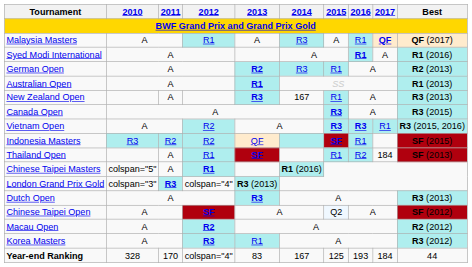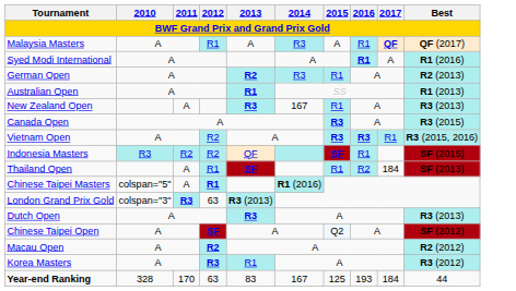 <table style='font-size: 90%; text-align:center;' class='wikitable'>
 <tr>
 <th>Tournament</th>
 <th><a href='#'>2010</a></th>
 <th><a href='#'>2011</a></th>
 <th><a href='#'>2012</a></th>
 <th><a href='#'>2013</a></th>
 <th><a href='#'>2014</a></th>
 <th><a href='#'>2015</a></th>
 <th><a href='#'>2016</a></th>
 <th><a href='#'>2017</a></th>
 <th>Best</th>
 </tr>
 <tr bgcolor=FFD700>
 <td colspan=10 align=center><strong><a href='#'>BWF Grand Prix and Grand Prix Gold</a></strong></td>
 </tr>
 <tr>
 <td align=left> <a href='#'>Malaysia Masters</a></td>
 <td colspan="2">A</td>
 <td bgcolor=AFEEEE><a href='#'>R1</a></td>
 <td>A</td>
 <td bgcolor=AFEEEE><a href='#'>R3</a></td>
 <td>A</td>
 <td bgcolor=AFEEEE><a href='#'>R1</a></td>
 <td bgcolor=FFEBCD><a href='#'><strong>QF</strong></a></td>
 <td bgcolor=FFEBCD><strong>QF</strong> (2017)</td>
 </tr>
 <tr>
 <td align=left> <a href='#'>Syed Modi International</a></td>
 <td colspan="3">A</td>
 <td></td>
 <td colspan="2">A</td>
 <td bgcolor=AFEEEE><a href='#'><strong>R1</strong></a></td>
 <td>A</td>
 <td bgcolor=AFEEEE><strong>R1</strong> (2016)</td>
 </tr>
 <tr>
 <td align=left> <a href='#'>German Open</a></td>
 <td colspan="3">A</td>
 <td bgcolor=AFEEEE><a href='#'><strong>R2</strong></a></td>
 <td bgcolor=AFEEEE><a href='#'>R3</a></td>
 <td bgcolor=AFEEEE><a href='#'>R1</a></td>
 <td colspan="2">A</td>
 <td bgcolor=AFEEEE><strong>R2</strong> (2013)</td>
 </tr>
 <tr>
 <td align=left> <a href='#'>Australian Open</a></td>
 <td colspan="3">A</td>
 <td bgcolor=AFEEEE><a href='#'><strong>R1</strong></a></td>
 <td colspan="4" style=color:#ccc><em>SS</em></td>
 <td bgcolor=AFEEEE><strong>R1</strong> (2013)</td>
 </tr>
 <tr>
 <td align=left> <a href='#'>New Zealand Open</a></td>
 <td></td>
 <td>A</td>
 <td></td>
 <td bgcolor=AFEEEE><a href='#'><strong>R3</strong></a></td>
 <td align=center>167</td>
 <td bgcolor=AFEEEE><a href='#'>R1</a></td>
 <td colspan="2">A</td>
 <td bgcolor=AFEEEE><strong>R3</strong> (2013)</td>
 </tr>
 <tr>
 <td align=left> <a href='#'>Canada Open</a></td>
 <td colspan="5">A</td>
 <td bgcolor=AFEEEE><a href='#'><strong>R3</strong></a></td>
 <td colspan="2">A</td>
 <td bgcolor=AFEEEE><strong>R3</strong> (2015)</td>
 </tr>
 <tr>
 <td align=left> <a href='#'>Vietnam Open</a></td>
 <td colspan="2">A</td>
 <td bgcolor=AFEEEE><a href='#'>R2</a></td>
 <td colspan="2">A</td>
 <td bgcolor=AFEEEE><a href='#'><strong>R3</strong></a></td>
 <td bgcolor=AFEEEE><a href='#'><strong>R3</strong></a></td>
 <td bgcolor=AFEEEE><a href='#'>R1</a></td>
 <td bgcolor=AFEEEE><strong>R3</strong> (2015, 2016)</td>
 </tr>
 <tr>
 <td align=left> <a href='#'>Indonesia Masters</a></td>
 <td bgcolor=AFEEEE><a href='#'>R3</a></td>
 <td bgcolor=AFEEEE><a href='#'>R2</a></td>
 <td bgcolor=AFEEEE><a href='#'>R2</a></td>
 <td bgcolor=FFEBCD><a href='#'>QF</a></td>
 <td bgcolor=AFEEEE><a href='#'></a></td>
 <td bgcolor=Bronze><a href='#'><strong>SF</strong></a></td>
 <td bgcolor=AFEEEE><a href='#'>R1</a></td>
 <td></td>
 <td bgcolor=Bronze><strong>SF</strong> (2015)</td>
 </tr>
 <tr>
 <td align=left> <a href='#'>Thailand Open</a></td>
 <td></td>
 <td>A</td>
 <td bgcolor=AFEEEE><a href='#'>R1</a></td>
 <td bgcolor=Bronze><a href='#'><strong>SF</strong></a></td>
 <td></td>
 <td bgcolor=AFEEEE><a href='#'>R1</a></td>
 <td bgcolor=AFEEEE><a href='#'>R2</a></td>
 <td align=center>184</td>
 <td bgcolor=Bronze><strong>SF</strong> (2013)</td>
 </tr>
 <tr>
 <td align=left> <a href='#'>Chinese Taipei Masters</a></td>
 <td>colspan="5" </td>
 <td>A</td>
 <td bgcolor=AFEEEE><a href='#'><strong>R1</strong></a></td>
 <td></td>
 <td bgcolor=AFEEEE><strong>R1</strong> (2016)</td>
 </tr>
 <tr>
 <td align=left> <a href='#'>London Grand Prix Gold</a></td>
 <td>colspan="3" </td>
 <td bgcolor=AFEEEE><a href='#'><strong>R3</strong></a></td>
-<td>colspan="4" </td>
+<td align=center>63</td>
 <td bgcolor=AFEEEE><strong>R3</strong> (2013)</td>
 </tr>
 <tr>
 <td align=left> <a href='#'>Dutch Open</a></td>
 <td colspan="3">A</td>
 <td bgcolor=AFEEEE><a href='#'><strong>R3</strong></a></td>
 <td colspan="4">A</td>
 <td bgcolor=AFEEEE><strong>R3</strong> (2013)</td>
 </tr>
 <tr>
 <td align=left> <a href='#'>Chinese Taipei Open</a></td>
 <td colspan="2">A</td>
 <td bgcolor=Bronze><a href='#'><strong>SF</strong></a></td>
 <td colspan="2">A</td>
 <td bgcolor=F0F8FF>Q2</td>
 <td colspan="2">A</td>
 <td bgcolor=Bronze><strong>SF</strong> (2012)</td>
 </tr>
 <tr>
 <td align=left> <a href='#'>Macau Open</a></td>
 <td colspan="2">A</td>
 <td bgcolor=AFEEEE><a href='#'><strong>R2</strong></a></td>
 <td colspan="5">A</td>
 <td bgcolor=AFEEEE><strong>R2</strong> (2012)</td>
 </tr>
 <tr>
 <td align=left> <a href='#'>Korea Masters</a></td>
 <td colspan="2">A</td>
 <td bgcolor=AFEEEE><a href='#'><strong>R3</strong></a></td>
 <td bgcolor=AFEEEE><a href='#'>R1</a></td>
 <td colspan="4">A</td>
 <td bgcolor=AFEEEE><strong>R3</strong> (2012)</td>
 </tr>
 <tr>
 <td align=left><strong>Year-end Ranking</strong></td>
 <td align=center>328</td>
 <td align=center>170</td>
-<td>colspan="4" </td>
+<td align=center>63</td>
 <td align=center>83</td>
 <td align=center>167</td>
 <td align=center>125</td>
 <td align=center>193</td>
 <td align=center>184</td>
 <td align=center>44</td>
 </tr>
 </table>
